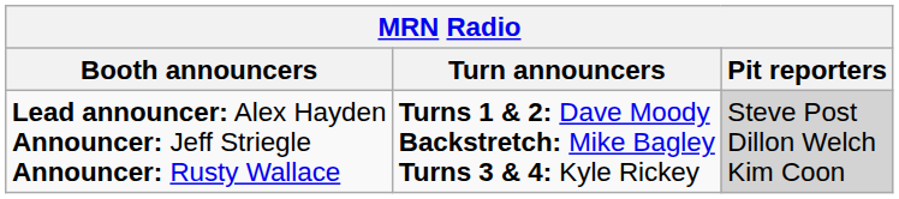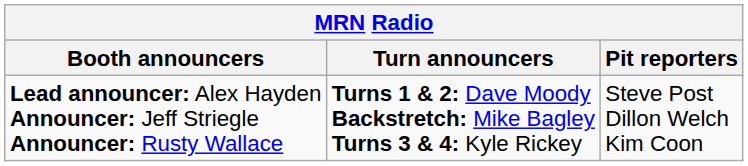 <table class="wikitable" style="font-size: 95%">
 <tr>
 <th colspan="3"><a href='#'>MRN</a> <a href='#'>Radio</a></th>
 </tr>
 <tr>
 <th>Booth announcers</th>
 <th>Turn announcers</th>
 <th>Pit reporters</th>
 </tr>
 <tr>
 <td><strong>Lead announcer:</strong> Alex Hayden<br><strong>Announcer:</strong> Jeff Striegle<br><strong>Announcer:</strong> <a href='#'>Rusty Wallace</a></td>
 <td><strong>Turns 1 & 2:</strong> <a href='#'>Dave Moody</a><br><strong>Backstretch:</strong> <a href='#'>Mike Bagley</a><br><strong>Turns 3 & 4:</strong> Kyle Rickey</td>
-<td style="background: lightgrey;">Steve Post<br>Dillon Welch<br>Kim Coon</td>
+<td>Steve Post<br>Dillon Welch<br>Kim Coon</td>
 </tr>
 </table>
